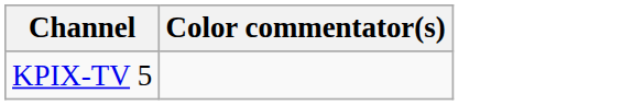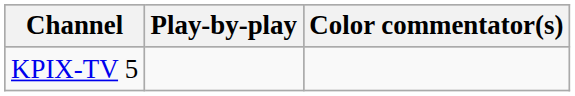 <table class="wikitable">
 <tr>
 <th>Channel</th>
+<th>Play-by-play</th>
 <th>Color commentator(s)</th>
 </tr>
 <tr>
 <td><a href='#'>KPIX-TV</a> 5</td>
 <td></td>
+<td></td>
 </tr>
 </table>
